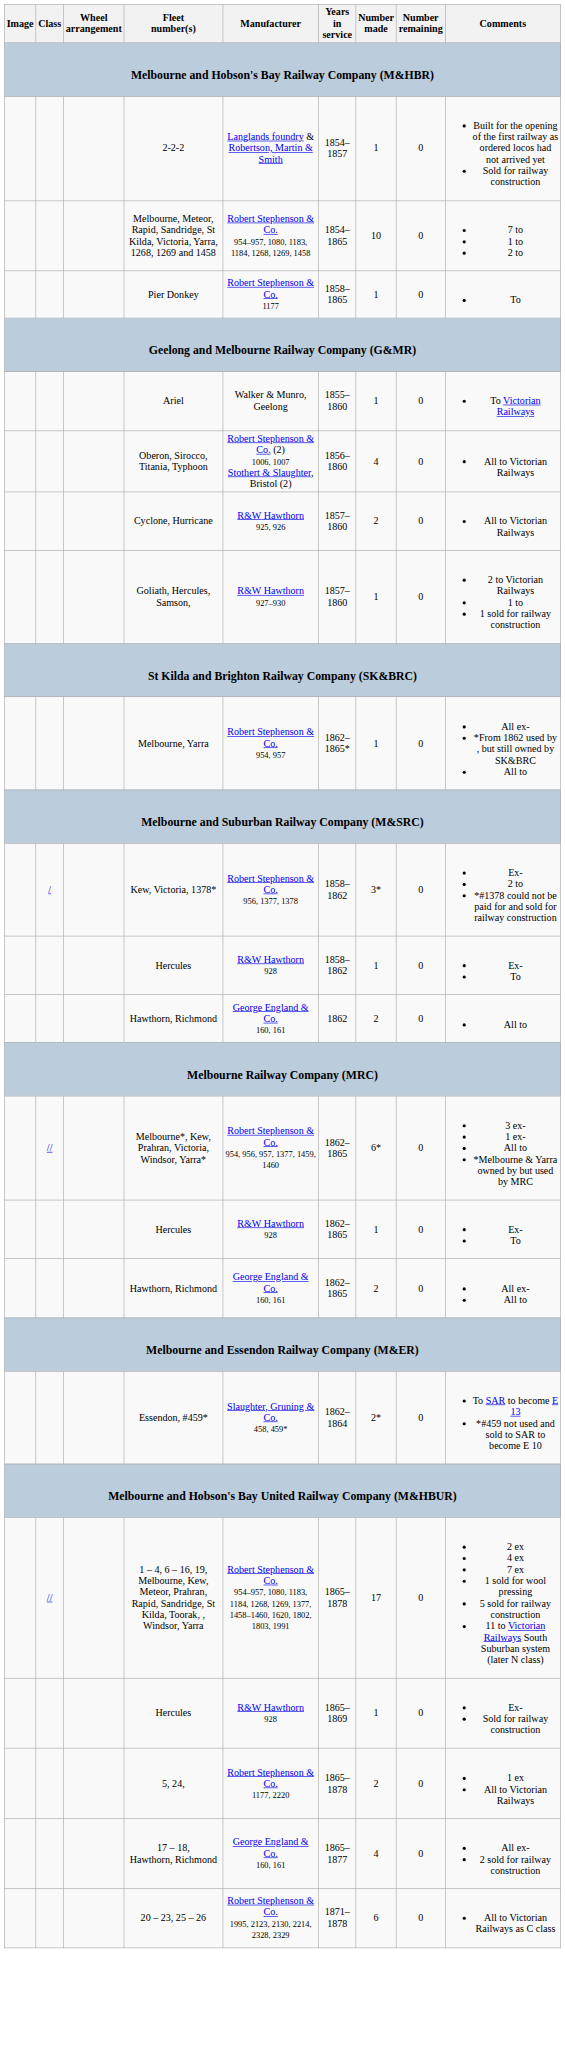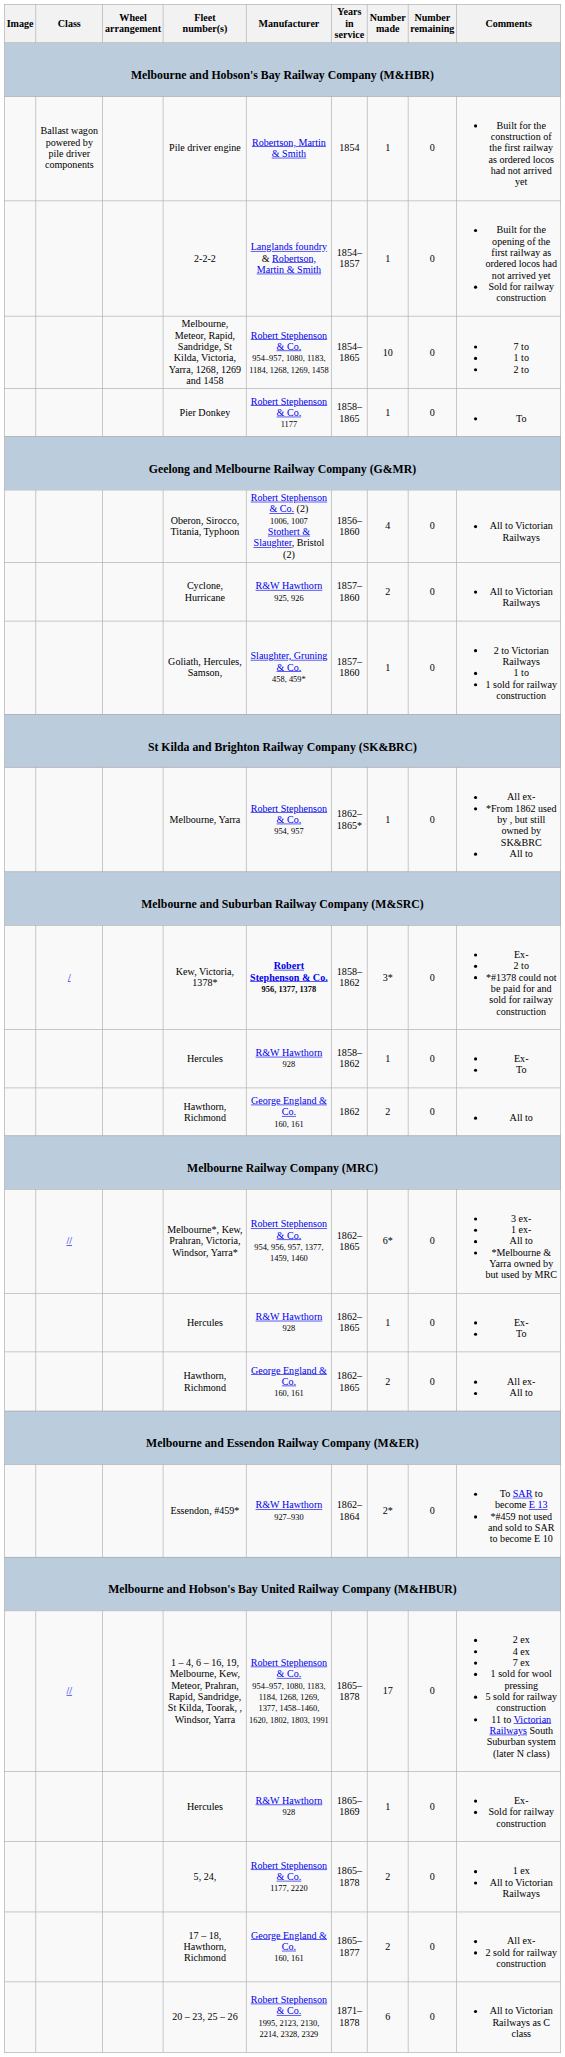 <table class="wikitable" style="text-align:center; width: 100%">
 <tr>
 <th>Image</th>
 <th>Class</th>
 <th>Wheel<br>arrangement</th>
 <th>Fleet<br>number(s)</th>
 <th>Manufacturer</th>
 <th>Years<br>in service</th>
 <th>Number<br>made</th>
 <th>Number<br>remaining</th>
 <th>Comments</th>
 </tr>
 <tr style="background:#bcd;">
 <td colspan="9"><br><h3>Melbourne and Hobson's Bay Railway Company (M&HBR)</h3></td>
+</tr>
+<tr>
+<td></td>
+<td>Ballast wagon powered by pile driver components</td>
+<td></td>
+<td>Pile driver engine</td>
+<td><a href='#'>Robertson, Martin & Smith</a></td>
+<td>1854</td>
+<td>1</td>
+<td>0</td>
+<td><br><ul><li>Built for the construction of the first railway as ordered locos had not arrived yet</li></ul></td>
 </tr>
 <tr>
 <td></td>
 <td><a href='#'> </a></td>
 <td></td>
 <td>2-2-2</td>
 <td><a href='#'>Langlands foundry</a> & <a href='#'>Robertson, Martin & Smith</a></td>
 <td>1854–1857</td>
 <td>1</td>
 <td>0</td>
 <td><br><ul><li>Built for the opening of the first railway as ordered locos had not arrived yet</li><li>Sold for railway construction</li></ul></td>
 </tr>
 <tr>
 <td></td>
 <td><a href='#'> </a></td>
 <td></td>
 <td>Melbourne, Meteor, Rapid, Sandridge, St Kilda, Victoria, Yarra, 1268, 1269 and 1458</td>
 <td><a href='#'>Robert Stephenson & Co.</a><br><small>954–957, 1080, 1183, 1184, 1268, 1269, 1458</small></td>
 <td>1854–1865</td>
 <td>10</td>
 <td>0</td>
 <td><br><ul><li>7 to <a href='#'></a></li><li>1 to <a href='#'></a></li><li>2 to <a href='#'></a></li></ul></td>
 </tr>
 <tr>
 <td></td>
 <td><a href='#'> </a></td>
 <td></td>
 <td>Pier Donkey</td>
 <td><a href='#'>Robert Stephenson & Co.</a><br><small>1177</small></td>
 <td>1858–1865</td>
 <td>1</td>
 <td>0</td>
 <td><br><ul><li>To <a href='#'></a></li></ul></td>
 </tr>
 <tr style="background:#bcd;">
 <td colspan="9"><br><h3>Geelong and Melbourne Railway Company (G&MR)</h3></td>
 </tr>
 <tr>
 <td></td>
 <td><a href='#'> </a></td>
 <td></td>
-<td>Ariel</td>
-<td>Walker & Munro, Geelong</td>
-<td>1855–1860</td>
-<td>1</td>
-<td>0</td>
-<td><br><ul><li>To <a href='#'>Victorian Railways</a></li></ul></td>
-</tr>
-<tr>
-<td></td>
-<td><a href='#'> </a></td>
-<td></td>
 <td>Oberon, Sirocco, Titania, Typhoon</td>
 <td><a href='#'>Robert Stephenson & Co.</a> (2)<br><small>1006, 1007</small><br><a href='#'>Stothert & Slaughter</a>, Bristol (2)</td>
 <td>1856–1860</td>
 <td>4</td>
 <td>0</td>
 <td><br><ul><li>All to Victorian Railways</li></ul></td>
 </tr>
 <tr>
 <td></td>
 <td><a href='#'> </a></td>
 <td></td>
 <td>Cyclone, Hurricane</td>
 <td><a href='#'>R&W Hawthorn</a><br><small>925, 926</small></td>
 <td>1857–1860</td>
 <td>2</td>
 <td>0</td>
 <td><br><ul><li>All to Victorian Railways</li></ul></td>
 </tr>
 <tr>
 <td></td>
 <td><a href='#'> </a></td>
 <td></td>
 <td>Goliath, Hercules, Samson, </td>
-<td><a href='#'>R&W Hawthorn</a><br><small>927–930</small></td>
+<td><a href='#'>Slaughter, Gruning & Co.</a><br><small>458, 459*</small></td>
 <td>1857–1860</td>
 <td>1</td>
 <td>0</td>
 <td><br><ul><li>2 to Victorian Railways</li><li>1 to <a href='#'></a></li><li>1 sold for railway construction</li></ul></td>
 </tr>
 <tr style="background:#bcd;">
 <td colspan="9"><br><h3>St Kilda and Brighton Railway Company (SK&BRC)</h3></td>
 </tr>
 <tr>
 <td></td>
 <td><a href='#'> </a></td>
 <td></td>
 <td>Melbourne, Yarra</td>
 <td><a href='#'>Robert Stephenson & Co.</a><br><small>954, 957</small></td>
 <td>1862–1865*</td>
 <td>1</td>
 <td>0</td>
 <td><br><ul><li>All ex-<a href='#'></a></li><li>*From 1862 used by <a href='#'></a>, but still owned by SK&BRC</li><li>All to <a href='#'></a></li></ul></td>
 </tr>
 <tr style="background:#bcd;">
 <td colspan="9"><br><h3>Melbourne and Suburban Railway Company (M&SRC)</h3></td>
 </tr>
 <tr>
 <td></td>
 <td><a href='#'>/ </a></td>
 <td></td>
 <td>Kew, Victoria, 1378*</td>
-<td><a href='#'>Robert Stephenson & Co.</a><br><small>956, 1377, 1378</small></td>
+<td><strong><a href='#'>Robert Stephenson & Co.</a><br><small>956, 1377, 1378</small></strong></td>
 <td>1858–1862</td>
 <td>3*</td>
 <td>0</td>
 <td><br><ul><li>Ex-<a href='#'></a></li><li>2 to <a href='#'></a></li><li>*#1378 could not be paid for and sold for railway construction</li></ul></td>
 </tr>
 <tr>
 <td></td>
 <td><a href='#'> </a></td>
 <td></td>
 <td>Hercules</td>
 <td><a href='#'>R&W Hawthorn</a><br><small>928</small></td>
 <td>1858–1862</td>
 <td>1</td>
 <td>0</td>
 <td><br><ul><li>Ex-<a href='#'></a></li><li>To <a href='#'></a></li></ul></td>
 </tr>
 <tr>
 <td></td>
 <td><a href='#'> </a></td>
 <td></td>
 <td>Hawthorn, Richmond</td>
 <td><a href='#'>George England & Co.</a><br><small>160, 161</small></td>
 <td>1862</td>
 <td>2</td>
 <td>0</td>
 <td><br><ul><li>All to <a href='#'></a></li></ul></td>
 </tr>
 <tr style="background:#bcd;">
 <td colspan="9"><br><h3>Melbourne Railway Company (MRC)</h3></td>
 </tr>
 <tr>
 <td></td>
 <td><a href='#'>// </a></td>
 <td></td>
 <td>Melbourne*, Kew, Prahran, Victoria, Windsor, Yarra*</td>
 <td><a href='#'>Robert Stephenson & Co.</a><br><small>954, 956, 957, 1377, 1459, 1460</small></td>
 <td>1862–1865</td>
 <td>6*</td>
 <td>0</td>
 <td><br><ul><li>3 ex-<a href='#'></a></li><li>1 ex-<a href='#'></a></li><li>All to <a href='#'></a></li><li>*Melbourne & Yarra owned by <a href='#'></a> but used by MRC</li></ul></td>
 </tr>
 <tr>
 <td></td>
 <td><a href='#'> </a></td>
 <td></td>
 <td>Hercules</td>
 <td><a href='#'>R&W Hawthorn</a><br><small>928</small></td>
 <td>1862–1865</td>
 <td>1</td>
 <td>0</td>
 <td><br><ul><li>Ex-<a href='#'></a></li><li>To <a href='#'></a></li></ul></td>
 </tr>
 <tr>
 <td></td>
 <td><a href='#'> </a></td>
 <td></td>
 <td>Hawthorn, Richmond</td>
 <td><a href='#'>George England & Co.</a><br><small>160, 161</small></td>
 <td>1862–1865</td>
 <td>2</td>
 <td>0</td>
 <td><br><ul><li>All ex-<a href='#'></a></li><li>All to <a href='#'></a></li></ul></td>
 </tr>
 <tr style="background:#bcd;">
 <td colspan="9"><br><h3>Melbourne and Essendon Railway Company (M&ER)</h3></td>
 </tr>
 <tr>
 <td></td>
 <td><a href='#'> </a></td>
 <td></td>
 <td>Essendon, #459*</td>
-<td><a href='#'>Slaughter, Gruning & Co.</a><br><small>458, 459*</small></td>
+<td><a href='#'>R&W Hawthorn</a><br><small>927–930</small></td>
 <td>1862–1864</td>
 <td>2*</td>
 <td>0</td>
 <td><br><ul><li>To <a href='#'>SAR</a> to become <a href='#'>E 13</a></li><li>*#459 not used and sold to SAR to become E 10</li></ul></td>
 </tr>
 <tr style="background:#bcd;">
 <td colspan="9"><br><h3>Melbourne and Hobson's Bay United Railway Company (M&HBUR)</h3></td>
 </tr>
 <tr>
 <td></td>
 <td><a href='#'>// </a></td>
 <td></td>
 <td>1 – 4, 6 – 16, 19,<br>Melbourne, Kew, Meteor, Prahran, Rapid, Sandridge, St Kilda, Toorak, , Windsor, Yarra</td>
 <td><a href='#'>Robert Stephenson & Co.</a><br><small>954–957, 1080, 1183, 1184, 1268, 1269, 1377, 1458–1460, 1620, 1802, 1803, 1991</small></td>
 <td>1865–1878</td>
 <td>17</td>
 <td>0</td>
 <td><br><ul><li>2 ex <a href='#'></a></li><li>4 ex <a href='#'></a></li><li>7 ex <a href='#'></a></li><li>1 sold for wool pressing</li><li>5 sold for railway construction</li><li>11 to <a href='#'>Victorian Railways</a> South Suburban system (later N class)</li></ul></td>
 </tr>
 <tr>
 <td></td>
 <td><a href='#'> </a></td>
 <td></td>
 <td>Hercules</td>
 <td><a href='#'>R&W Hawthorn</a><br><small>928</small></td>
 <td>1865–1869</td>
 <td>1</td>
 <td>0</td>
 <td><br><ul><li>Ex-<a href='#'></a></li><li>Sold for railway construction</li></ul></td>
 </tr>
 <tr>
 <td></td>
 <td><a href='#'> </a></td>
 <td></td>
 <td>5, 24,<br></td>
 <td><a href='#'>Robert Stephenson & Co.</a><br><small>1177, 2220</small></td>
 <td>1865–1878</td>
 <td>2</td>
 <td>0</td>
 <td><br><ul><li>1 ex <a href='#'></a></li><li>All to Victorian Railways</li></ul></td>
 </tr>
 <tr>
 <td></td>
 <td><a href='#'> </a></td>
 <td></td>
 <td>17 – 18,<br>Hawthorn, Richmond</td>
 <td><a href='#'>George England & Co.</a><br><small>160, 161</small></td>
 <td>1865–1877</td>
-<td>4</td>
+<td>2</td>
 <td>0</td>
 <td><br><ul><li>All ex-<a href='#'></a></li><li>2 sold for railway construction</li></ul></td>
 </tr>
 <tr>
 <td></td>
 <td><a href='#'> </a></td>
 <td></td>
 <td>20 – 23, 25 – 26</td>
 <td><a href='#'>Robert Stephenson & Co.</a><br><small>1995, 2123, 2130, 2214, 2328, 2329</small></td>
 <td>1871–1878</td>
 <td>6</td>
 <td>0</td>
 <td><br><ul><li>All to Victorian Railways as C class</li></ul></td>
 </tr>
 </table>
